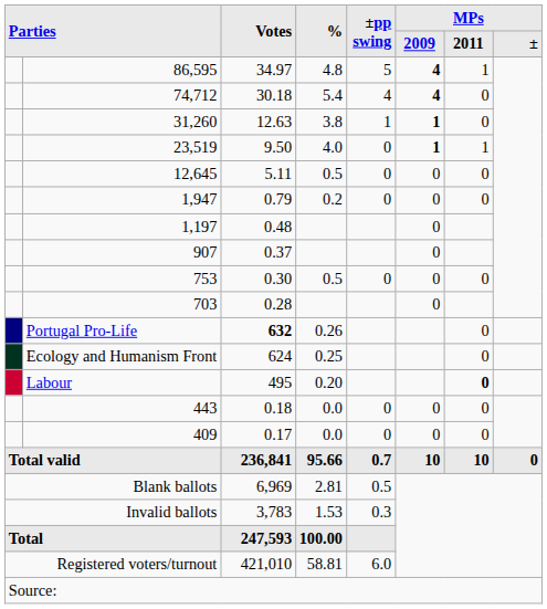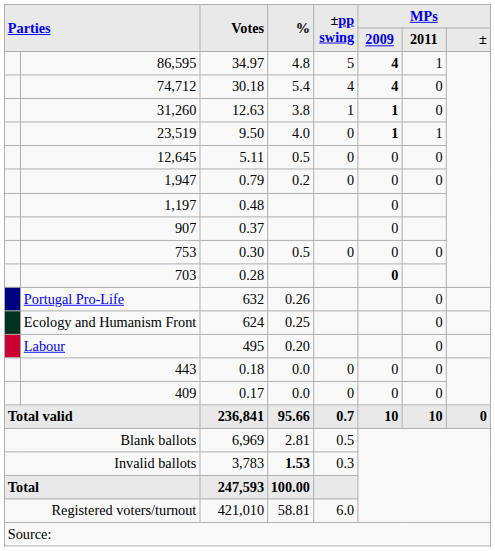 <table class="wikitable" style="text-align:right; font-size:95%;">
 <tr>
 <th rowspan="2" colspan="2" style="background:#e9e9e9; text-align:left;" alignleft><a href='#'>Parties</a></th>
 <th rowspan="2" style="background:#e9e9e9; text-align:right;">Votes</th>
 <th rowspan="2" style="background:#e9e9e9; text-align:right;">%</th>
 <th rowspan="2" style="background:#e9e9e9; text-align:right;">±<a href='#'>pp</a> <a href='#'>swing</a></th>
 <th colspan="3" style="background:#e9e9e9; text-align:center;"><a href='#'>MPs</a></th>
 </tr>
 <tr style="background-color:#E9E9E9">
 <th style="background-color:#E9E9E9;text-align:center;"><a href='#'>2009</a></th>
 <th style="background-color:#E9E9E9;text-align:center;">2011</th>
 <th style="background:#e9e9e9; text-align:right;">±</th>
 </tr>
 <tr>
 <td></td>
 <td>86,595</td>
 <td>34.97</td>
 <td>4.8</td>
 <td>5</td>
 <td><strong>4</strong></td>
 <td>1</td>
 </tr>
 <tr>
 <td></td>
 <td>74,712</td>
 <td>30.18</td>
 <td>5.4</td>
 <td>4</td>
 <td><strong>4</strong></td>
 <td>0</td>
 </tr>
 <tr>
 <td></td>
 <td>31,260</td>
 <td>12.63</td>
 <td>3.8</td>
 <td>1</td>
 <td><strong>1</strong></td>
 <td>0</td>
 </tr>
 <tr>
 <td></td>
 <td>23,519</td>
 <td>9.50</td>
 <td>4.0</td>
 <td>0</td>
 <td><strong>1</strong></td>
 <td>1</td>
 </tr>
 <tr>
 <td></td>
 <td>12,645</td>
 <td>5.11</td>
 <td>0.5</td>
 <td>0</td>
 <td>0</td>
 <td>0</td>
 </tr>
 <tr>
 <td></td>
 <td>1,947</td>
 <td>0.79</td>
 <td>0.2</td>
 <td>0</td>
 <td>0</td>
 <td>0</td>
 </tr>
 <tr>
 <td></td>
 <td>1,197</td>
 <td>0.48</td>
 <td></td>
 <td></td>
 <td>0</td>
 <td></td>
 </tr>
 <tr>
 <td></td>
 <td>907</td>
 <td>0.37</td>
 <td></td>
 <td></td>
 <td>0</td>
 <td></td>
 </tr>
 <tr>
 <td></td>
 <td>753</td>
 <td>0.30</td>
 <td>0.5</td>
 <td>0</td>
 <td>0</td>
 <td>0</td>
 </tr>
 <tr>
 <td></td>
 <td>703</td>
 <td>0.28</td>
 <td></td>
 <td></td>
-<td>0</td>
+<td><strong>0</strong></td>
 <td></td>
 </tr>
 <tr>
 <td style="width:10px;background-color:#000080;text-align:center;"></td>
 <td style="text-align:left;"><a href='#'>Portugal Pro-Life</a></td>
-<td><strong>632</strong></td>
+<td>632</td>
 <td>0.26</td>
 <td></td>
 <td></td>
 <td>0</td>
 <td></td>
 </tr>
 <tr>
 <td style="width:10px;background-color:#013220;text-align:center;"></td>
 <td style="text-align:left;">Ecology and Humanism Front </td>
 <td>624</td>
 <td>0.25</td>
 <td></td>
 <td></td>
 <td>0</td>
 <td></td>
 </tr>
 <tr>
 <td style="width: 10px" bgcolor=#CC0033 align="center"></td>
 <td align=left><a href='#'>Labour</a></td>
 <td>495</td>
 <td>0.20</td>
 <td></td>
 <td></td>
-<td><strong>0</strong></td>
+<td>0</td>
 <td></td>
 </tr>
 <tr>
 <td></td>
 <td>443</td>
 <td>0.18</td>
 <td>0.0</td>
 <td>0</td>
 <td>0</td>
 <td>0</td>
 </tr>
 <tr>
 <td></td>
 <td>409</td>
 <td>0.17</td>
 <td>0.0</td>
 <td>0</td>
 <td>0</td>
 <td>0</td>
 </tr>
 <tr>
 <td colspan=2 align=left style="background-color:#E9E9E9"><strong>Total valid</strong></td>
 <td width="65" align="right" style="background-color:#E9E9E9"><strong>236,841</strong></td>
 <td width="40" align="right" style="background-color:#E9E9E9"><strong>95.66</strong></td>
 <td width="40" align="right" style="background-color:#E9E9E9"><strong>0.7</strong></td>
 <td width="40" align="right" style="background-color:#E9E9E9"><strong>10</strong></td>
 <td width="40" align="right" style="background-color:#E9E9E9"><strong>10</strong></td>
 <td width="40" align="right" style="background-color:#E9E9E9"><strong>0</strong></td>
 </tr>
 <tr>
 <td colspan=2>Blank ballots</td>
 <td>6,969</td>
 <td>2.81</td>
 <td>0.5</td>
 <td colspan=4 rowspan=4></td>
 </tr>
 <tr>
 <td colspan=2>Invalid ballots</td>
 <td>3,783</td>
-<td>1.53</td>
+<td><strong>1.53</strong></td>
 <td>0.3</td>
 </tr>
 <tr>
 <td colspan=2 align=left style="background-color:#E9E9E9"><strong>Total</strong></td>
 <td width="50" align="right" style="background-color:#E9E9E9"><strong>247,593</strong></td>
 <td width="40" align="right" style="background-color:#E9E9E9"><strong>100.00</strong></td>
 <td width="40" align="right" style="background-color:#E9E9E9"></td>
 </tr>
 <tr>
 <td colspan=2>Registered voters/turnout</td>
 <td>421,010</td>
 <td>58.81</td>
 <td>6.0</td>
 </tr>
 <tr>
 <td colspan=11 align=left>Source: </td>
 </tr>
 </table>
